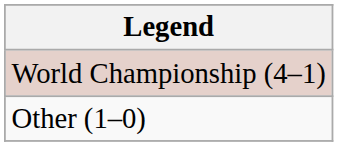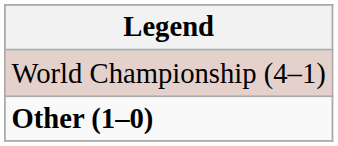 <table class="wikitable">
 <tr>
 <th>Legend</th>
 </tr>
 <tr bgcolor="#e5d1cb">
 <td>World Championship (4–1)</td>
 </tr>
 <tr bgcolor=>
-<td>Other (1–0)</td>
+<td><strong>Other (1–0)</strong></td>
 </tr>
 </table>
